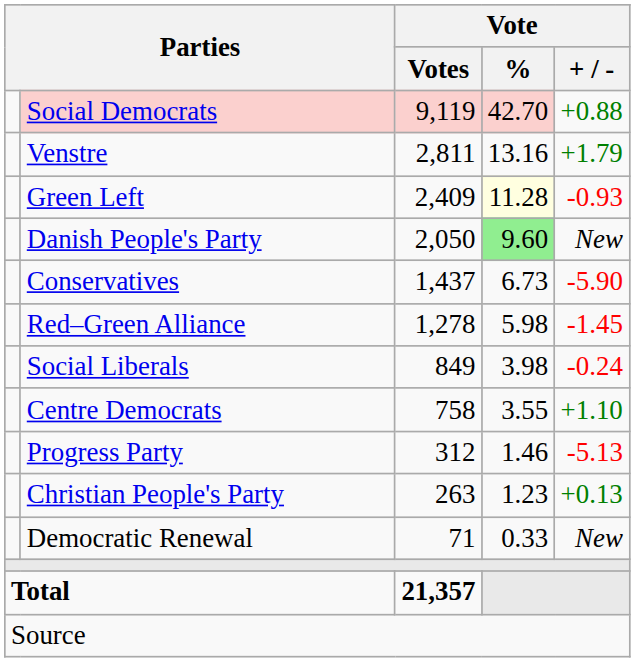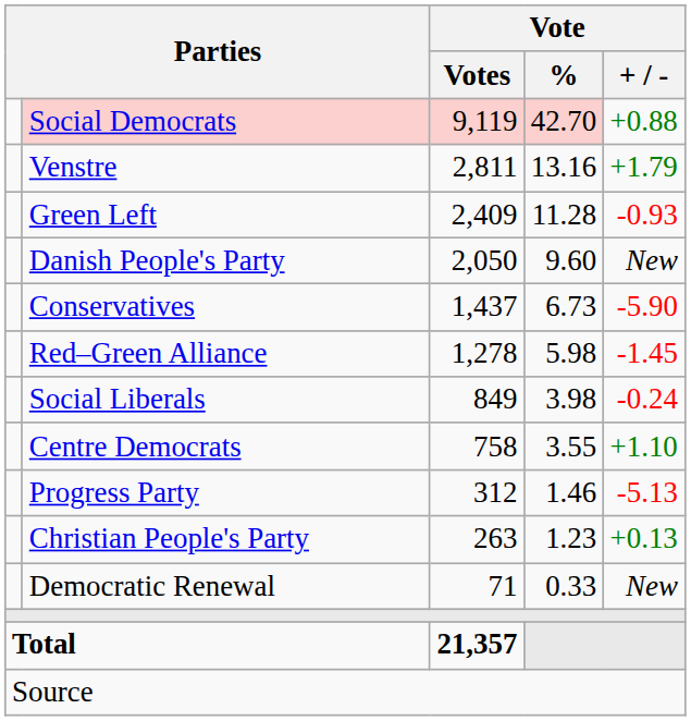 <table class="wikitable" style="text-align:right;">
 <tr>
 <th style="text-align:centre;" rowspan="2" colspan="2" width="225">Parties</th>
 <th colspan="3">Vote</th>
 </tr>
 <tr>
 <th width="15">Votes</th>
 <th width="15">%</th>
 <th width="15">+ / -</th>
 </tr>
 <tr>
 <td width="2" style="color:inherit;background:"></td>
 <td bgcolor=#fbd0ce  align="left"><a href='#'>Social Democrats</a></td>
 <td bgcolor=#fbd0ce>9,119</td>
 <td bgcolor=#fbd0ce>42.70</td>
 <td style=color:green;>+0.88</td>
 </tr>
 <tr>
 <td width="2" style="color:inherit;background:"></td>
 <td align="left"><a href='#'>Venstre</a></td>
 <td>2,811</td>
 <td>13.16</td>
 <td style=color:green;>+1.79</td>
 </tr>
 <tr>
 <td width="2" style="color:inherit;background:"></td>
 <td align="left"><a href='#'>Green Left</a></td>
 <td>2,409</td>
-<td style="background: lightyellow;">11.28</td>
+<td>11.28</td>
 <td style=color:red;>-0.93</td>
 </tr>
 <tr>
 <td width="2" style="color:inherit;background:"></td>
 <td align="left"><a href='#'>Danish People's Party</a></td>
 <td>2,050</td>
-<td style="background: lightgreen;">9.60</td>
+<td>9.60</td>
 <td><em>New</em></td>
 </tr>
 <tr>
 <td width="2" style="color:inherit;background:"></td>
 <td align="left"><a href='#'>Conservatives</a></td>
 <td>1,437</td>
 <td>6.73</td>
 <td style=color:red;>-5.90</td>
 </tr>
 <tr>
 <td width="2" style="color:inherit;background:"></td>
 <td align="left"><a href='#'>Red–Green Alliance</a></td>
 <td>1,278</td>
 <td>5.98</td>
 <td style=color:red;>-1.45</td>
 </tr>
 <tr>
 <td width="2" style="color:inherit;background:"></td>
 <td align="left"><a href='#'>Social Liberals</a></td>
 <td>849</td>
 <td>3.98</td>
 <td style=color:red;>-0.24</td>
 </tr>
 <tr>
 <td width="2" style="color:inherit;background:"></td>
 <td align="left"><a href='#'>Centre Democrats</a></td>
 <td>758</td>
 <td>3.55</td>
 <td style=color:green;>+1.10</td>
 </tr>
 <tr>
 <td width="2" style="color:inherit;background:"></td>
 <td align="left"><a href='#'>Progress Party</a></td>
 <td>312</td>
 <td>1.46</td>
 <td style=color:red;>-5.13</td>
 </tr>
 <tr>
 <td width="2" style="color:inherit;background:"></td>
 <td align="left"><a href='#'>Christian People's Party</a></td>
 <td>263</td>
 <td>1.23</td>
 <td style=color:green;>+0.13</td>
 </tr>
 <tr>
 <td width="2" style="color:inherit;background:"></td>
 <td align="left">Democratic Renewal</td>
 <td>71</td>
 <td>0.33</td>
 <td><em>New</em></td>
 </tr>
 <tr>
 <td colspan="7" bgcolor="#E9E9E9"></td>
 </tr>
 <tr>
 <td align="left" colspan="2"><strong>Total</strong></td>
 <td><strong>21,357</strong></td>
 <td bgcolor="#E9E9E9" colspan="2"></td>
 </tr>
 <tr>
 <td align="left" colspan="6">Source</td>
 </tr>
 </table>
